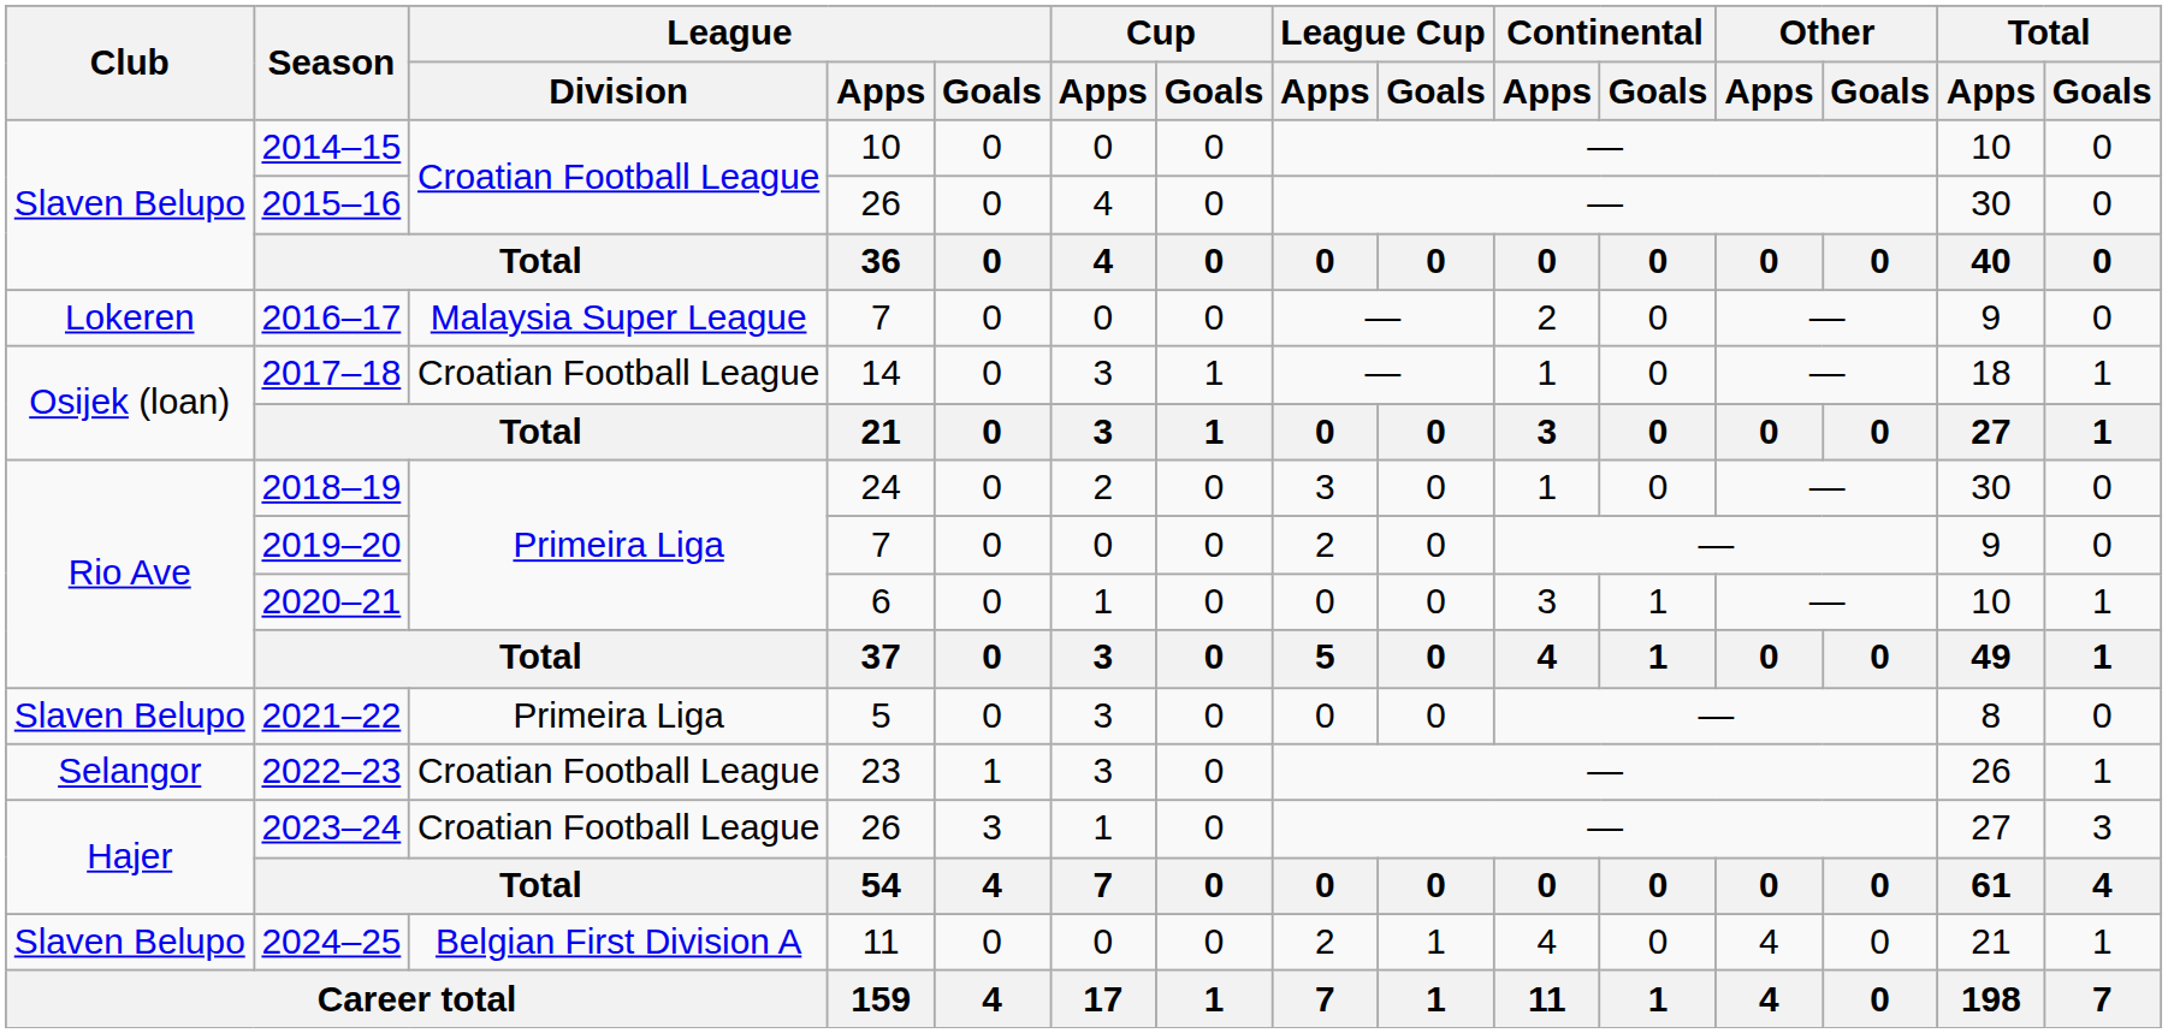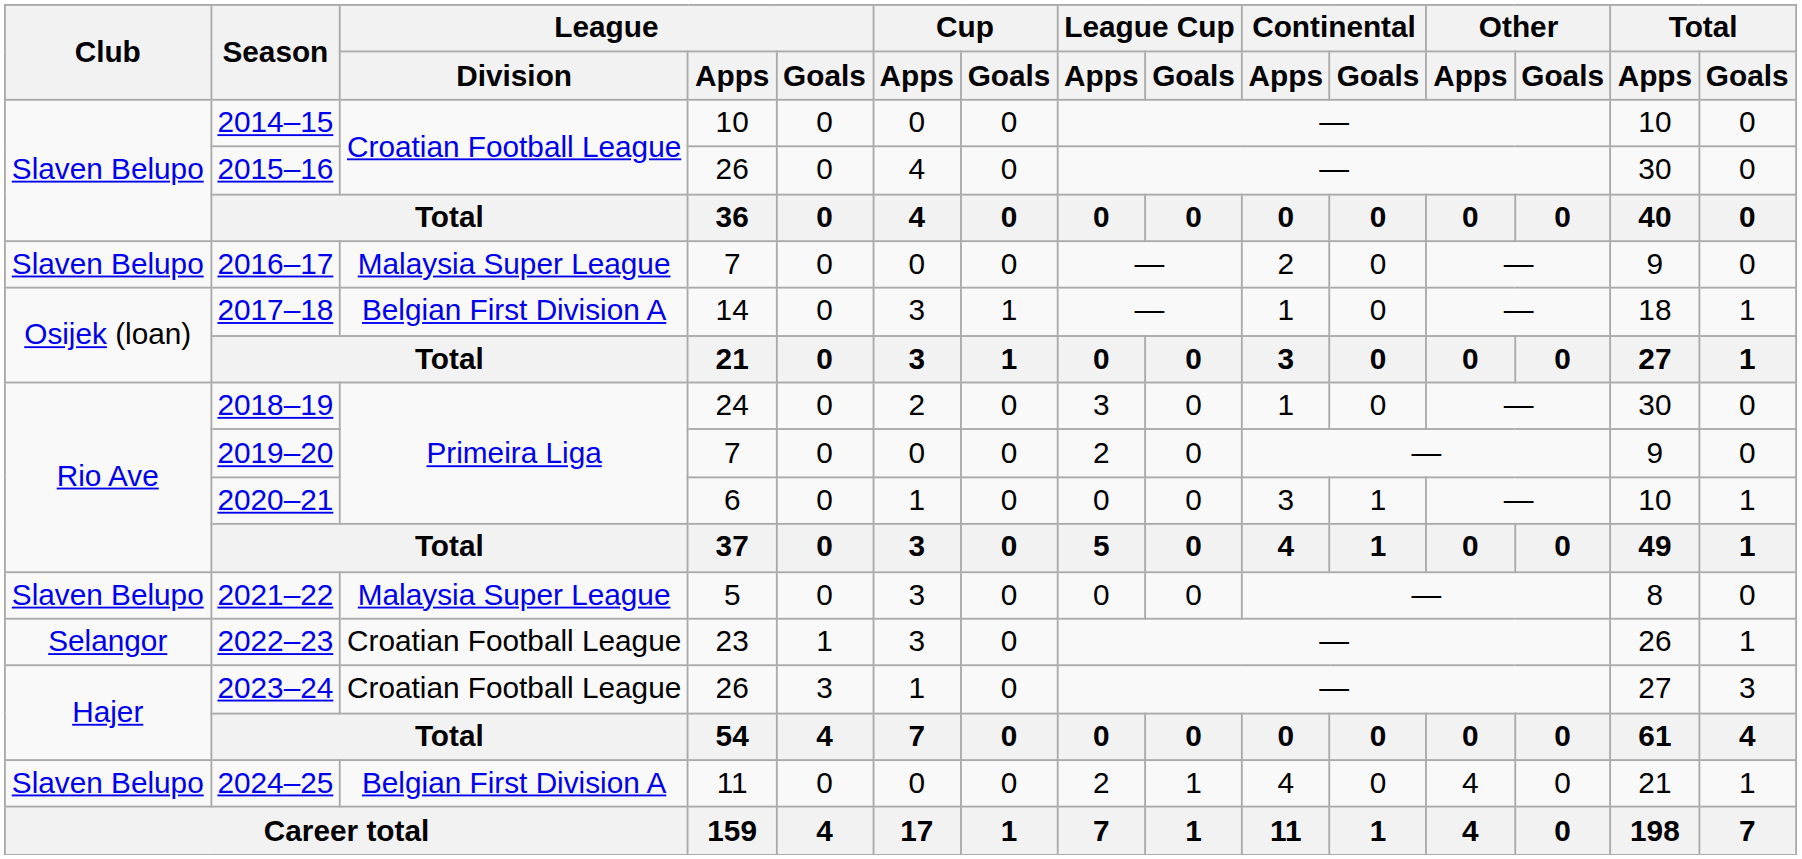 <table class="wikitable" style="text-align:center">
 <tr>
 <th rowspan="2">Club</th>
 <th rowspan="2">Season</th>
 <th colspan="3">League</th>
 <th colspan="2">Cup</th>
 <th colspan="2">League Cup</th>
 <th colspan="2">Continental</th>
 <th colspan="2">Other</th>
 <th colspan="2">Total</th>
 </tr>
 <tr>
 <th>Division</th>
 <th>Apps</th>
 <th>Goals</th>
 <th>Apps</th>
 <th>Goals</th>
 <th>Apps</th>
 <th>Goals</th>
 <th>Apps</th>
 <th>Goals</th>
 <th>Apps</th>
 <th>Goals</th>
 <th>Apps</th>
 <th>Goals</th>
 </tr>
 <tr>
 <td rowspan="3"><a href='#'>Slaven Belupo</a></td>
 <td><a href='#'>2014–15</a></td>
 <td rowspan="2"><a href='#'>Croatian Football League</a></td>
 <td>10</td>
 <td>0</td>
 <td>0</td>
 <td>0</td>
 <td colspan="6">—</td>
 <td>10</td>
 <td>0</td>
 </tr>
 <tr>
 <td><a href='#'>2015–16</a></td>
 <td>26</td>
 <td>0</td>
 <td>4</td>
 <td>0</td>
 <td colspan="6">—</td>
 <td>30</td>
 <td>0</td>
 </tr>
 <tr>
 <th colspan="2">Total</th>
 <th>36</th>
 <th>0</th>
 <th>4</th>
 <th>0</th>
 <th>0</th>
 <th>0</th>
 <th>0</th>
 <th>0</th>
 <th>0</th>
 <th>0</th>
 <th>40</th>
 <th>0</th>
 </tr>
 <tr>
-<td><a href='#'>Lokeren</a></td>
+<td><a href='#'>Slaven Belupo</a></td>
 <td><a href='#'>2016–17</a></td>
 <td><a href='#'>Malaysia Super League</a></td>
 <td>7</td>
 <td>0</td>
 <td>0</td>
 <td>0</td>
 <td colspan="2">—</td>
 <td>2</td>
 <td>0</td>
 <td colspan="2">—</td>
 <td>9</td>
 <td>0</td>
 </tr>
 <tr>
 <td rowspan="2"><a href='#'>Osijek</a> (loan)</td>
 <td><a href='#'>2017–18</a></td>
-<td rowspan="1">Croatian Football League</td>
+<td><a href='#'>Belgian First Division A</a></td>
 <td>14</td>
 <td>0</td>
 <td>3</td>
 <td>1</td>
 <td colspan="2">—</td>
 <td>1</td>
 <td>0</td>
 <td colspan="2">—</td>
 <td>18</td>
 <td>1</td>
 </tr>
 <tr>
 <th colspan="2">Total</th>
 <th>21</th>
 <th>0</th>
 <th>3</th>
 <th>1</th>
 <th>0</th>
 <th>0</th>
 <th>3</th>
 <th>0</th>
 <th>0</th>
 <th>0</th>
 <th>27</th>
 <th>1</th>
 </tr>
 <tr>
 <td rowspan="4"><a href='#'>Rio Ave</a></td>
 <td><a href='#'>2018–19</a></td>
 <td rowspan="3"><a href='#'>Primeira Liga</a></td>
 <td>24</td>
 <td>0</td>
 <td>2</td>
 <td>0</td>
 <td>3</td>
 <td>0</td>
 <td>1</td>
 <td>0</td>
 <td colspan="2">—</td>
 <td>30</td>
 <td>0</td>
 </tr>
 <tr>
 <td><a href='#'>2019–20</a></td>
 <td>7</td>
 <td>0</td>
 <td>0</td>
 <td>0</td>
 <td>2</td>
 <td>0</td>
 <td colspan="4">—</td>
 <td>9</td>
 <td>0</td>
 </tr>
 <tr>
 <td><a href='#'>2020–21</a></td>
 <td>6</td>
 <td>0</td>
 <td>1</td>
 <td>0</td>
 <td>0</td>
 <td>0</td>
 <td>3</td>
 <td>1</td>
 <td colspan="2">—</td>
 <td>10</td>
 <td>1</td>
 </tr>
 <tr>
 <th colspan="2">Total</th>
 <th>37</th>
 <th>0</th>
 <th>3</th>
 <th>0</th>
 <th>5</th>
 <th>0</th>
 <th>4</th>
 <th>1</th>
 <th>0</th>
 <th>0</th>
 <th>49</th>
 <th>1</th>
 </tr>
 <tr>
 <td><a href='#'>Slaven Belupo</a></td>
 <td><a href='#'>2021–22</a></td>
-<td>Primeira Liga</td>
+<td><a href='#'>Malaysia Super League</a></td>
 <td>5</td>
 <td>0</td>
 <td>3</td>
 <td>0</td>
 <td>0</td>
 <td>0</td>
 <td colspan="4">—</td>
 <td>8</td>
 <td>0</td>
 </tr>
 <tr>
 <td><a href='#'>Selangor</a></td>
 <td><a href='#'>2022–23</a></td>
 <td>Croatian Football League</td>
 <td>23</td>
 <td>1</td>
 <td>3</td>
 <td>0</td>
 <td colspan="6">—</td>
 <td>26</td>
 <td>1</td>
 </tr>
 <tr>
 <td rowspan="2"><a href='#'>Hajer</a></td>
 <td><a href='#'>2023–24</a></td>
 <td>Croatian Football League</td>
 <td>26</td>
 <td>3</td>
 <td>1</td>
 <td>0</td>
 <td colspan="6">—</td>
 <td>27</td>
 <td>3</td>
 </tr>
 <tr>
 <th colspan="2">Total</th>
 <th>54</th>
 <th>4</th>
 <th>7</th>
 <th>0</th>
 <th>0</th>
 <th>0</th>
 <th>0</th>
 <th>0</th>
 <th>0</th>
 <th>0</th>
 <th>61</th>
 <th>4</th>
 </tr>
 <tr>
 <td><a href='#'>Slaven Belupo</a></td>
 <td><a href='#'>2024–25</a></td>
 <td><a href='#'>Belgian First Division A</a></td>
 <td>11</td>
 <td>0</td>
 <td>0</td>
 <td>0</td>
 <td>2</td>
 <td>1</td>
 <td>4</td>
 <td>0</td>
 <td>4</td>
 <td>0</td>
 <td>21</td>
 <td>1</td>
 </tr>
 <tr>
 <th colspan="3">Career total</th>
 <th>159</th>
 <th>4</th>
 <th>17</th>
 <th>1</th>
 <th>7</th>
 <th>1</th>
 <th>11</th>
 <th>1</th>
 <th>4</th>
 <th>0</th>
 <th>198</th>
 <th>7</th>
 </tr>
 </table>
